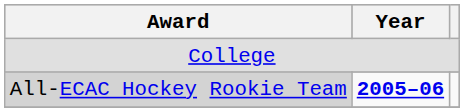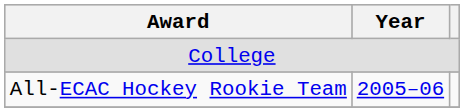 <table class="wikitable">
 <tr>
 <th>Award</th>
 <th>Year</th>
 <th></th>
 </tr>
 <tr ALIGN="center" bgcolor="#e0e0e0">
 <td colspan="3"><a href='#'>College</a></td>
 </tr>
 <tr>
-<td style="background: lightgrey;">All-<a href='#'>ECAC Hockey</a> <a href='#'>Rookie Team</a></td>
-<td><strong><a href='#'>2005–06</a></strong></td>
+<td>All-<a href='#'>ECAC Hockey</a> <a href='#'>Rookie Team</a></td>
+<td><a href='#'>2005–06</a></td>
 <td></td>
 </tr>
 <tr>
 </tr>
 </table>
